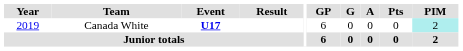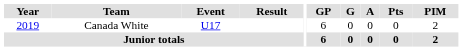 <table border="0" cellpadding="1" cellspacing="0" ID="Table3" style="text-align:center; width:40em">
 <tr ALIGN="center" bgcolor="#e0e0e0">
 <th>Year</th>
 <th>Team</th>
 <th>Event</th>
 <th>Result</th>
 <th rowspan="99" bgcolor="#ffffff"></th>
 <th>GP</th>
 <th>G</th>
 <th>A</th>
 <th>Pts</th>
 <th>PIM</th>
 </tr>
 <tr>
 <td><a href='#'>2019</a></td>
 <td>Canada White</td>
-<td><strong><a href='#'>U17</a></strong></td>
+<td><a href='#'>U17</a></td>
 <td></td>
 <td>6</td>
 <td>0</td>
 <td>0</td>
 <td>0</td>
-<td style="background: paleturquoise;">2</td>
+<td>2</td>
 </tr>
 <tr bgcolor="#e0e0e0">
 <th colspan="4">Junior totals</th>
 <th>6</th>
 <th>0</th>
 <th>0</th>
 <th>0</th>
 <th>2</th>
 </tr>
 </table>
